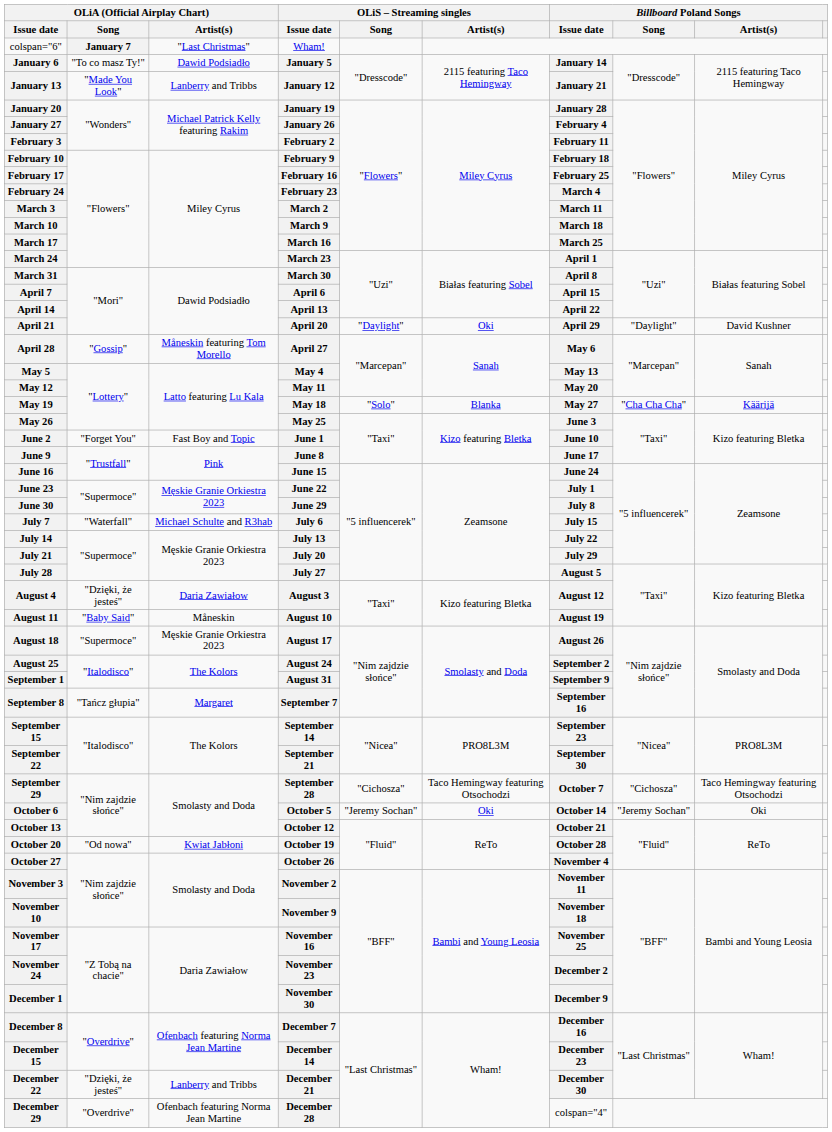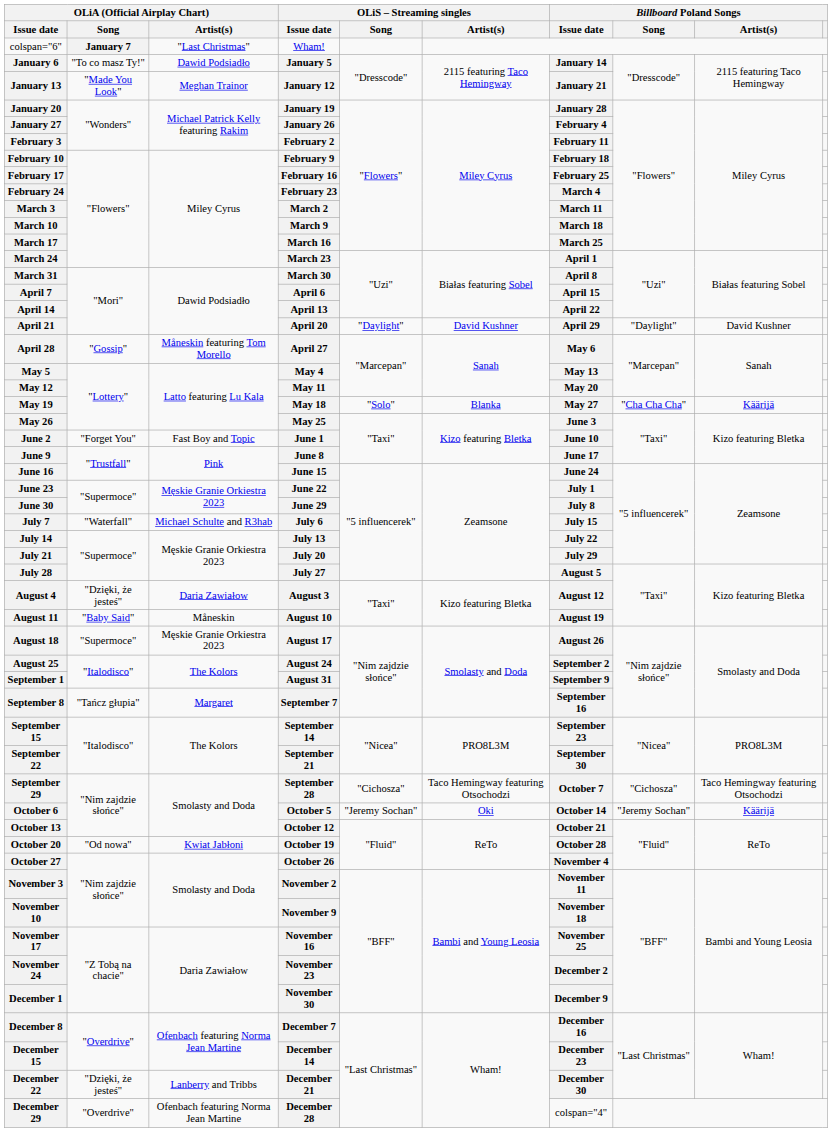 <table class="wikitable plainrowheaders" style="text-align: center">
 <tr>
 <th colspan="3">OLiA (Official Airplay Chart)</th>
 <th colspan="3">OLiS – Streaming singles</th>
 <th colspan="4"><em>Billboard</em> Poland Songs</th>
 </tr>
 <tr>
 <th>Issue date</th>
 <th>Song</th>
 <th>Artist(s)</th>
 <th>Issue date</th>
 <th>Song</th>
 <th>Artist(s)</th>
 <th>Issue date</th>
 <th>Song</th>
 <th>Artist(s)</th>
 <th></th>
 </tr>
 <tr>
 <td>colspan="6" </td>
 <th scope="row">January 7</th>
 <td>"<a href='#'>Last Christmas</a>"</td>
 <td><a href='#'>Wham!</a></td>
 <td></td>
 </tr>
 <tr>
 <th scope="row">January 6</th>
 <td>"To co masz Ty!"</td>
 <td><a href='#'>Dawid Podsiadło</a></td>
 <th scope="row">January 5</th>
 <td rowspan="2">"Dresscode"</td>
 <td rowspan="2">2115 featuring <a href='#'>Taco Hemingway</a></td>
 <th scope="row">January 14</th>
 <td rowspan="2">"Dresscode"</td>
 <td rowspan="2">2115 featuring Taco Hemingway</td>
 <td></td>
 </tr>
 <tr>
 <th scope="row">January 13</th>
 <td>"<a href='#'>Made You Look</a>"</td>
-<td><a href='#'>Lanberry</a> and Tribbs</td>
+<td><a href='#'>Meghan Trainor</a></td>
 <th scope="row">January 12</th>
 <th scope="row">January 21</th>
 <td></td>
 </tr>
 <tr>
 <th scope="row">January 20</th>
 <td rowspan="3">"Wonders"</td>
 <td rowspan="3"><a href='#'>Michael Patrick Kelly</a> featuring <a href='#'>Rakim</a></td>
 <th scope="row">January 19</th>
 <td rowspan="9">"<a href='#'>Flowers</a>"</td>
 <td rowspan="9"><a href='#'>Miley Cyrus</a></td>
 <th scope="row">January 28</th>
 <td rowspan="9">"Flowers"</td>
 <td rowspan="9">Miley Cyrus</td>
 <td></td>
 </tr>
 <tr>
 <th scope="row">January 27</th>
 <th scope="row">January 26</th>
 <th scope="row">February 4</th>
 <td></td>
 </tr>
 <tr>
 <th scope="row">February 3</th>
 <th scope="row">February 2</th>
 <th scope="row">February 11</th>
 <td></td>
 </tr>
 <tr>
 <th scope="row">February 10</th>
 <td rowspan="7">"Flowers"</td>
 <td rowspan="7">Miley Cyrus</td>
 <th scope="row">February 9</th>
 <th scope="row">February 18</th>
 <td></td>
 </tr>
 <tr>
 <th scope="row">February 17</th>
 <th scope="row">February 16</th>
 <th scope="row">February 25</th>
 <td></td>
 </tr>
 <tr>
 <th scope="row">February 24</th>
 <th scope="row">February 23</th>
 <th scope="row">March 4</th>
 <td></td>
 </tr>
 <tr>
 <th scope="row">March 3</th>
 <th scope="row">March 2</th>
 <th scope="row">March 11</th>
 <td></td>
 </tr>
 <tr>
 <th scope="row">March 10</th>
 <th scope="row">March 9</th>
 <th scope="row">March 18</th>
 <td></td>
 </tr>
 <tr>
 <th scope="row">March 17</th>
 <th scope="row">March 16</th>
 <th scope="row">March 25</th>
 <td></td>
 </tr>
 <tr>
 <th scope="row">March 24</th>
 <th scope="row">March 23</th>
 <td rowspan="4">"Uzi"</td>
 <td rowspan="4">Białas featuring <a href='#'>Sobel</a></td>
 <th scope="row">April 1</th>
 <td rowspan="4">"Uzi"</td>
 <td rowspan="4">Białas featuring Sobel</td>
 <td></td>
 </tr>
 <tr>
 <th scope="row">March 31</th>
 <td rowspan="4">"Mori"</td>
 <td rowspan="4">Dawid Podsiadło</td>
 <th scope="row">March 30</th>
 <th scope="row">April 8</th>
 <td></td>
 </tr>
 <tr>
 <th scope="row">April 7</th>
 <th scope="row">April 6</th>
 <th scope="row">April 15</th>
 <td></td>
 </tr>
 <tr>
 <th scope="row">April 14</th>
 <th scope="row">April 13</th>
 <th scope="row">April 22</th>
 <td></td>
 </tr>
 <tr>
 <th scope="row">April 21</th>
 <th scope="row">April 20</th>
 <td>"<a href='#'>Daylight</a>"</td>
-<td><a href='#'>Oki</a></td>
+<td><a href='#'>David Kushner</a></td>
 <th scope="row">April 29</th>
 <td>"Daylight"</td>
 <td>David Kushner</td>
 <td></td>
 </tr>
 <tr>
 <th scope="row">April 28</th>
 <td>"<a href='#'>Gossip</a>"</td>
 <td><a href='#'>Måneskin</a> featuring <a href='#'>Tom Morello</a></td>
 <th scope="row">April 27</th>
 <td rowspan="3">"Marcepan"</td>
 <td rowspan="3"><a href='#'>Sanah</a></td>
 <th scope="row">May 6</th>
 <td rowspan="3">"Marcepan"</td>
 <td rowspan="3">Sanah</td>
 <td></td>
 </tr>
 <tr>
 <th scope="row">May 5</th>
 <td rowspan="4">"<a href='#'>Lottery</a>"</td>
 <td rowspan="4"><a href='#'>Latto</a> featuring <a href='#'>Lu Kala</a></td>
 <th scope="row">May 4</th>
 <th scope="row">May 13</th>
 <td></td>
 </tr>
 <tr>
 <th scope="row">May 12</th>
 <th scope="row">May 11</th>
 <th scope="row">May 20</th>
 <td></td>
 </tr>
 <tr>
 <th scope="row">May 19</th>
 <th scope="row">May 18</th>
 <td>"<a href='#'>Solo</a>"</td>
 <td><a href='#'>Blanka</a></td>
 <th scope="row">May 27</th>
 <td>"<a href='#'>Cha Cha Cha</a>"</td>
 <td><a href='#'>Käärijä</a></td>
 <td></td>
 </tr>
 <tr>
 <th scope="row">May 26</th>
 <th scope="row">May 25</th>
 <td rowspan="3">"Taxi"</td>
 <td rowspan="3"><a href='#'>Kizo</a> featuring <a href='#'>Bletka</a></td>
 <th scope="row">June 3</th>
 <td rowspan="3">"Taxi"</td>
 <td rowspan="3">Kizo featuring Bletka</td>
 <td></td>
 </tr>
 <tr>
 <th scope="row">June 2</th>
 <td>"Forget You"</td>
 <td>Fast Boy and <a href='#'>Topic</a></td>
 <th scope="row">June 1</th>
 <th scope="row">June 10</th>
 <td></td>
 </tr>
 <tr>
 <th scope="row">June 9</th>
 <td rowspan="2">"<a href='#'>Trustfall</a>"</td>
 <td rowspan="2"><a href='#'>Pink</a></td>
 <th scope="row">June 8</th>
 <th scope="row">June 17</th>
 <td></td>
 </tr>
 <tr>
 <th scope="row">June 16</th>
 <th scope="row">June 15</th>
 <td rowspan="7">"5 influencerek"</td>
 <td rowspan="7">Zeamsone</td>
 <th scope="row">June 24</th>
 <td rowspan="6">"5 influencerek"</td>
 <td rowspan="6">Zeamsone</td>
 <td></td>
 </tr>
 <tr>
 <th scope="row">June 23</th>
 <td rowspan="2">"Supermoce"</td>
 <td rowspan="2"><a href='#'>Męskie Granie Orkiestra 2023</a></td>
 <th scope="row">June 22</th>
 <th scope="row">July 1</th>
 <td></td>
 </tr>
 <tr>
 <th scope="row">June 30</th>
 <th scope="row">June 29</th>
 <th scope="row">July 8</th>
 <td></td>
 </tr>
 <tr>
 <th scope="row">July 7</th>
 <td>"Waterfall"</td>
 <td><a href='#'>Michael Schulte</a> and <a href='#'>R3hab</a></td>
 <th scope="row">July 6</th>
 <th scope="row">July 15</th>
 <td></td>
 </tr>
 <tr>
 <th scope="row">July 14</th>
 <td rowspan="3">"Supermoce"</td>
 <td rowspan="3">Męskie Granie Orkiestra 2023</td>
 <th scope="row">July 13</th>
 <th scope="row">July 22</th>
 <td></td>
 </tr>
 <tr>
 <th scope="row">July 21</th>
 <th scope="row">July 20</th>
 <th scope="row">July 29</th>
 <td></td>
 </tr>
 <tr>
 <th scope="row">July 28</th>
 <th scope="row">July 27</th>
 <th scope="row">August 5</th>
 <td rowspan="3">"Taxi"</td>
 <td rowspan="3">Kizo featuring Bletka</td>
 <td></td>
 </tr>
 <tr>
 <th scope="row">August 4</th>
 <td>"Dzięki, że jesteś"</td>
 <td><a href='#'>Daria Zawiałow</a></td>
 <th scope="row">August 3</th>
 <td rowspan="2">"Taxi"</td>
 <td rowspan="2">Kizo featuring Bletka</td>
 <th scope="row">August 12</th>
 <td></td>
 </tr>
 <tr>
 <th scope="row">August 11</th>
 <td>"<a href='#'>Baby Said</a>"</td>
 <td>Måneskin</td>
 <th scope="row">August 10</th>
 <th scope="row">August 19</th>
 <td></td>
 </tr>
 <tr>
 <th scope="row">August 18</th>
 <td>"Supermoce"</td>
 <td>Męskie Granie Orkiestra 2023</td>
 <th scope="row">August 17</th>
 <td rowspan="4">"Nim zajdzie słońce"</td>
 <td rowspan="4"><a href='#'>Smolasty</a> and <a href='#'>Doda</a></td>
 <th scope="row">August 26</th>
 <td rowspan="4">"Nim zajdzie słońce"</td>
 <td rowspan="4">Smolasty and Doda</td>
 <td></td>
 </tr>
 <tr>
 <th scope="row">August 25</th>
 <td rowspan="2">"<a href='#'>Italodisco</a>"</td>
 <td rowspan="2"><a href='#'>The Kolors</a></td>
 <th scope="row">August 24</th>
 <th scope="row">September 2</th>
 <td></td>
 </tr>
 <tr>
 <th scope="row">September 1</th>
 <th scope="row">August 31</th>
 <th scope="row">September 9</th>
 <td></td>
 </tr>
 <tr>
 <th scope="row">September 8</th>
 <td>"Tańcz głupia"</td>
 <td><a href='#'>Margaret</a></td>
 <th scope="row">September 7</th>
 <th scope="row">September 16</th>
 <td></td>
 </tr>
 <tr>
 <th scope="row">September 15</th>
 <td rowspan="2">"Italodisco"</td>
 <td rowspan="2">The Kolors</td>
 <th scope="row">September 14</th>
 <td rowspan="2">"Nicea"</td>
 <td rowspan="2">PRO8L3M</td>
 <th scope="row">September 23</th>
 <td rowspan="2">"Nicea"</td>
 <td rowspan="2">PRO8L3M</td>
 <td></td>
 </tr>
 <tr>
 <th scope="row">September 22</th>
 <th scope="row">September 21</th>
 <th scope="row">September 30</th>
 <td></td>
 </tr>
 <tr>
 <th scope="row">September 29</th>
 <td rowspan="3">"Nim zajdzie słońce"</td>
 <td rowspan="3">Smolasty and Doda</td>
 <th scope="row">September 28</th>
 <td>"Cichosza"</td>
 <td>Taco Hemingway featuring Otsochodzi</td>
 <th scope="row">October 7</th>
 <td>"Cichosza"</td>
 <td>Taco Hemingway featuring Otsochodzi</td>
 <td></td>
 </tr>
 <tr>
 <th scope="row">October 6</th>
 <th scope="row">October 5</th>
 <td>"Jeremy Sochan"</td>
 <td><a href='#'>Oki</a></td>
 <th scope="row">October 14</th>
 <td>"Jeremy Sochan"</td>
-<td>Oki</td>
+<td><a href='#'>Käärijä</a></td>
 <td></td>
 </tr>
 <tr>
 <th scope="row">October 13</th>
 <th scope="row">October 12</th>
 <td rowspan="3">"Fluid"</td>
 <td rowspan="3">ReTo</td>
 <th scope="row">October 21</th>
 <td rowspan="3">"Fluid"</td>
 <td rowspan="3">ReTo</td>
 <td></td>
 </tr>
 <tr>
 <th scope="row">October 20</th>
 <td>"Od nowa"</td>
 <td><a href='#'>Kwiat Jabłoni</a></td>
 <th scope="row">October 19</th>
 <th scope="row">October 28</th>
 <td></td>
 </tr>
 <tr>
 <th scope="row">October 27</th>
 <td rowspan="3">"Nim zajdzie słońce"</td>
 <td rowspan="3">Smolasty and Doda</td>
 <th scope="row">October 26</th>
 <th scope="row">November 4</th>
 <td></td>
 </tr>
 <tr>
 <th scope="row">November 3</th>
 <th scope="row">November 2</th>
 <td rowspan="5">"BFF"</td>
 <td rowspan="5"><a href='#'>Bambi</a> and <a href='#'>Young Leosia</a></td>
 <th scope="row">November 11</th>
 <td rowspan="5">"BFF"</td>
 <td rowspan="5">Bambi and Young Leosia</td>
 <td></td>
 </tr>
 <tr>
 <th scope="row">November 10</th>
 <th scope="row">November 9</th>
 <th scope="row">November 18</th>
 <td></td>
 </tr>
 <tr>
 <th scope="row">November 17</th>
 <td rowspan="3">"Z Tobą na chacie"</td>
 <td rowspan="3">Daria Zawiałow</td>
 <th scope="row">November 16</th>
 <th scope="row">November 25</th>
 <td></td>
 </tr>
 <tr>
 <th scope="row">November 24</th>
 <th scope="row">November 23</th>
 <th scope="row">December 2</th>
 <td></td>
 </tr>
 <tr>
 <th scope="row">December 1</th>
 <th scope="row">November 30</th>
 <th scope="row">December 9</th>
 <td></td>
 </tr>
 <tr>
 <th scope="row">December 8</th>
 <td rowspan="2">"<a href='#'>Overdrive</a>"</td>
 <td rowspan="2"><a href='#'>Ofenbach</a> featuring <a href='#'>Norma Jean Martine</a></td>
 <th scope="row">December 7</th>
 <td rowspan="4">"Last Christmas"</td>
 <td rowspan="4">Wham!</td>
 <th scope="row">December 16</th>
 <td rowspan="3">"Last Christmas"</td>
 <td rowspan="3">Wham!</td>
 <td></td>
 </tr>
 <tr>
 <th scope="row">December 15</th>
 <th scope="row">December 14</th>
 <th scope="row">December 23</th>
 <td></td>
 </tr>
 <tr>
 <th scope="row">December 22</th>
 <td>"Dzięki, że jesteś"</td>
 <td><a href='#'>Lanberry</a> and Tribbs</td>
 <th scope="row">December 21</th>
 <th scope="row">December 30</th>
 <td></td>
 </tr>
 <tr>
 <th scope="row">December 29</th>
 <td>"Overdrive"</td>
 <td>Ofenbach featuring Norma Jean Martine</td>
 <th scope="row">December 28</th>
 <td>colspan="4" </td>
 </tr>
 </table>
